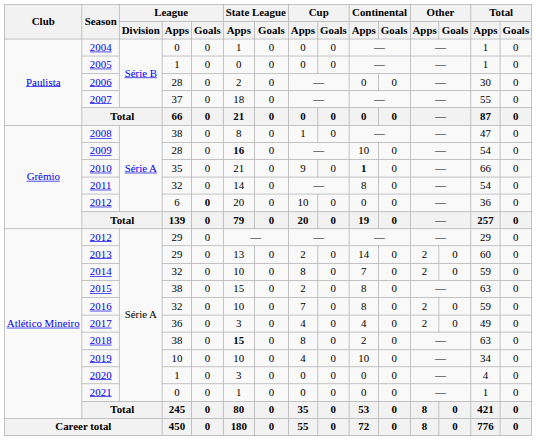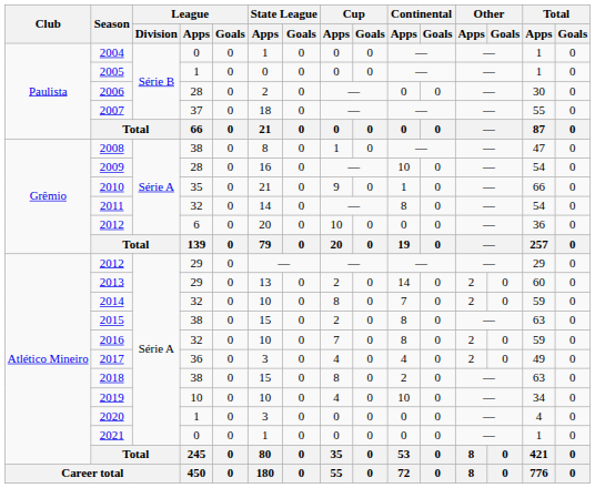 <table class="wikitable" style="text-align:center">
 <tr>
 <th rowspan="2">Club</th>
 <th rowspan="2">Season</th>
 <th colspan="3">League</th>
 <th colspan="2">State League</th>
 <th colspan="2">Cup</th>
 <th colspan="2">Continental</th>
 <th colspan="2">Other</th>
 <th colspan="2">Total</th>
 </tr>
 <tr>
 <th>Division</th>
 <th>Apps</th>
 <th>Goals</th>
 <th>Apps</th>
 <th>Goals</th>
 <th>Apps</th>
 <th>Goals</th>
 <th>Apps</th>
 <th>Goals</th>
 <th>Apps</th>
 <th>Goals</th>
 <th>Apps</th>
 <th>Goals</th>
 </tr>
 <tr>
 <td rowspan="5"><a href='#'>Paulista</a></td>
 <td><a href='#'>2004</a></td>
 <td rowspan="4"><a href='#'>Série B</a></td>
 <td>0</td>
 <td>0</td>
 <td>1</td>
 <td>0</td>
 <td>0</td>
 <td>0</td>
 <td colspan="2">—</td>
 <td colspan="2">—</td>
 <td>1</td>
 <td>0</td>
 </tr>
 <tr>
 <td><a href='#'>2005</a></td>
 <td>1</td>
 <td>0</td>
 <td>0</td>
 <td>0</td>
 <td>0</td>
 <td>0</td>
 <td colspan="2">—</td>
 <td colspan="2">—</td>
 <td>1</td>
 <td>0</td>
 </tr>
 <tr>
 <td><a href='#'>2006</a></td>
 <td>28</td>
 <td>0</td>
 <td>2</td>
 <td>0</td>
 <td colspan="2">—</td>
 <td>0</td>
 <td>0</td>
 <td colspan="2">—</td>
 <td>30</td>
 <td>0</td>
 </tr>
 <tr>
 <td><a href='#'>2007</a></td>
 <td>37</td>
 <td>0</td>
 <td>18</td>
 <td>0</td>
 <td colspan="2">—</td>
 <td colspan="2">—</td>
 <td colspan="2">—</td>
 <td>55</td>
 <td>0</td>
 </tr>
 <tr>
 <th colspan="2">Total</th>
 <th>66</th>
 <th>0</th>
 <th>21</th>
 <th>0</th>
 <th>0</th>
 <th>0</th>
 <th>0</th>
 <th>0</th>
 <th colspan="2">—</th>
 <th>87</th>
 <th>0</th>
 </tr>
 <tr>
 <td rowspan="6"><a href='#'>Grêmio</a></td>
 <td><a href='#'>2008</a></td>
 <td rowspan="5"><a href='#'>Série A</a></td>
 <td>38</td>
 <td>0</td>
 <td>8</td>
 <td>0</td>
 <td>1</td>
 <td>0</td>
 <td colspan="2">—</td>
 <td colspan="2">—</td>
 <td>47</td>
 <td>0</td>
 </tr>
 <tr>
 <td><a href='#'>2009</a></td>
 <td>28</td>
 <td>0</td>
-<td><strong>16</strong></td>
+<td>16</td>
 <td>0</td>
 <td colspan="2">—</td>
 <td>10</td>
 <td>0</td>
 <td colspan="2">—</td>
 <td>54</td>
 <td>0</td>
 </tr>
 <tr>
 <td><a href='#'>2010</a></td>
 <td>35</td>
 <td>0</td>
 <td>21</td>
 <td>0</td>
 <td>9</td>
 <td>0</td>
-<td><strong>1</strong></td>
+<td>1</td>
 <td>0</td>
 <td colspan="2">—</td>
 <td>66</td>
 <td>0</td>
 </tr>
 <tr>
 <td><a href='#'>2011</a></td>
 <td>32</td>
 <td>0</td>
 <td>14</td>
 <td>0</td>
 <td colspan="2">—</td>
 <td>8</td>
 <td>0</td>
 <td colspan="2">—</td>
 <td>54</td>
 <td>0</td>
 </tr>
 <tr>
 <td><a href='#'>2012</a></td>
 <td>6</td>
-<td><strong>0</strong></td>
+<td>0</td>
 <td>20</td>
 <td>0</td>
 <td>10</td>
 <td>0</td>
 <td>0</td>
 <td>0</td>
 <td colspan="2">—</td>
 <td>36</td>
 <td>0</td>
 </tr>
 <tr>
 <th colspan="2">Total</th>
 <th>139</th>
 <th>0</th>
 <th>79</th>
 <th>0</th>
 <th>20</th>
 <th>0</th>
 <th>19</th>
 <th>0</th>
 <th colspan="2">—</th>
 <th>257</th>
 <th>0</th>
 </tr>
 <tr>
 <td rowspan="11"><a href='#'>Atlético Mineiro</a></td>
 <td><a href='#'>2012</a></td>
 <td rowspan="10">Série A</td>
 <td>29</td>
 <td>0</td>
 <td colspan="2">—</td>
 <td colspan="2">—</td>
 <td colspan="2">—</td>
 <td colspan="2">—</td>
 <td>29</td>
 <td>0</td>
 </tr>
 <tr>
 <td><a href='#'>2013</a></td>
 <td>29</td>
 <td>0</td>
 <td>13</td>
 <td>0</td>
 <td>2</td>
 <td>0</td>
 <td>14</td>
 <td>0</td>
 <td>2</td>
 <td>0</td>
 <td>60</td>
 <td>0</td>
 </tr>
 <tr>
 <td><a href='#'>2014</a></td>
 <td>32</td>
 <td>0</td>
 <td>10</td>
 <td>0</td>
 <td>8</td>
 <td>0</td>
 <td>7</td>
 <td>0</td>
 <td>2</td>
 <td>0</td>
 <td>59</td>
 <td>0</td>
 </tr>
 <tr>
 <td><a href='#'>2015</a></td>
 <td>38</td>
 <td>0</td>
 <td>15</td>
 <td>0</td>
 <td>2</td>
 <td>0</td>
 <td>8</td>
 <td>0</td>
 <td colspan="2">—</td>
 <td>63</td>
 <td>0</td>
 </tr>
 <tr>
 <td><a href='#'>2016</a></td>
 <td>32</td>
 <td>0</td>
 <td>10</td>
 <td>0</td>
 <td>7</td>
 <td>0</td>
 <td>8</td>
 <td>0</td>
 <td>2</td>
 <td>0</td>
 <td>59</td>
 <td>0</td>
 </tr>
 <tr>
 <td><a href='#'>2017</a></td>
 <td>36</td>
 <td>0</td>
 <td>3</td>
 <td>0</td>
 <td>4</td>
 <td>0</td>
 <td>4</td>
 <td>0</td>
 <td>2</td>
 <td>0</td>
 <td>49</td>
 <td>0</td>
 </tr>
 <tr>
 <td><a href='#'>2018</a></td>
 <td>38</td>
 <td>0</td>
-<td><strong>15</strong></td>
+<td>15</td>
 <td>0</td>
 <td>8</td>
 <td>0</td>
 <td>2</td>
 <td>0</td>
 <td colspan="2">—</td>
 <td>63</td>
 <td>0</td>
 </tr>
 <tr>
 <td><a href='#'>2019</a></td>
 <td>10</td>
 <td>0</td>
 <td>10</td>
 <td>0</td>
 <td>4</td>
 <td>0</td>
 <td>10</td>
 <td>0</td>
 <td colspan="2">—</td>
 <td>34</td>
 <td>0</td>
 </tr>
 <tr>
 <td><a href='#'>2020</a></td>
 <td>1</td>
 <td>0</td>
 <td>3</td>
 <td>0</td>
 <td>0</td>
 <td>0</td>
 <td>0</td>
 <td>0</td>
 <td colspan="2">—</td>
 <td>4</td>
 <td>0</td>
 </tr>
 <tr>
 <td><a href='#'>2021</a></td>
 <td>0</td>
 <td>0</td>
 <td>1</td>
 <td>0</td>
 <td>0</td>
 <td>0</td>
 <td>0</td>
 <td>0</td>
 <td colspan="2">—</td>
 <td>1</td>
 <td>0</td>
 </tr>
 <tr>
 <th colspan="2">Total</th>
 <th>245</th>
 <th>0</th>
 <th>80</th>
 <th>0</th>
 <th>35</th>
 <th>0</th>
 <th>53</th>
 <th>0</th>
 <th>8</th>
 <th>0</th>
 <th>421</th>
 <th>0</th>
 </tr>
 <tr>
 <th colspan="3">Career total</th>
 <th>450</th>
 <th>0</th>
 <th>180</th>
 <th>0</th>
 <th>55</th>
 <th>0</th>
 <th>72</th>
 <th>0</th>
 <th>8</th>
 <th>0</th>
 <th>776</th>
 <th>0</th>
 </tr>
 </table>
